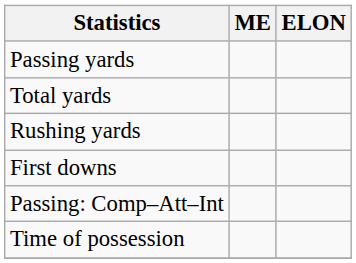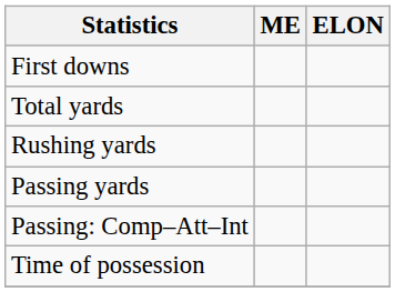 <table class="wikitable" style="float: left;">
 <tr>
 <th>Statistics</th>
 <th>ME</th>
 <th>ELON</th>
 </tr>
 <tr>
-<td>Passing yards</td>
+<td>First downs</td>
 <td></td>
 <td></td>
 </tr>
 <tr>
 <td>Total yards</td>
 <td></td>
 <td></td>
 </tr>
 <tr>
 <td>Rushing yards</td>
 <td></td>
 <td></td>
 </tr>
 <tr>
-<td>First downs</td>
+<td>Passing yards</td>
 <td></td>
 <td></td>
 </tr>
 <tr>
 <td>Passing: Comp–Att–Int</td>
 <td></td>
 <td></td>
 </tr>
 <tr>
 <td>Time of possession</td>
 <td></td>
 <td></td>
 </tr>
 <tr>
 </tr>
 </table>
